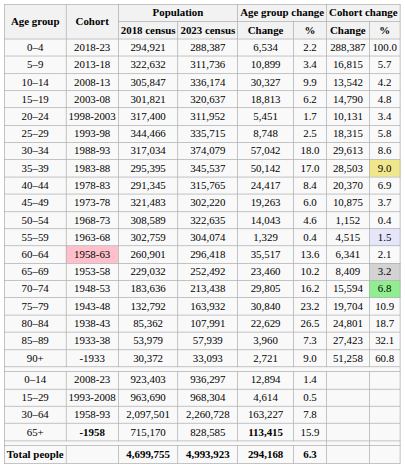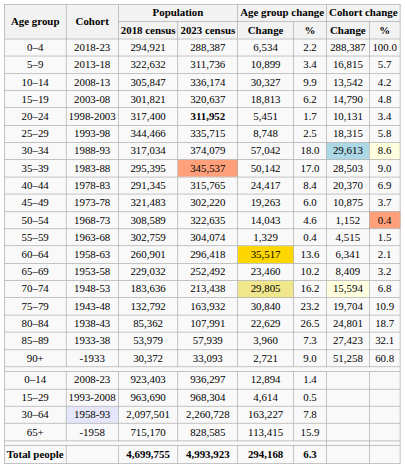 <table class="wikitable sortable" style="text-align:center;">
 <tr>
 <th rowspan="2">Age group</th>
 <th rowspan="2">Cohort</th>
 <th colspan="2">Population</th>
 <th colspan="2">Age group change</th>
 <th colspan="2">Cohort change</th>
 </tr>
 <tr>
 <th>2018 census</th>
 <th>2023 census</th>
 <th>Change</th>
 <th>%</th>
 <th>Change</th>
 <th>%</th>
 </tr>
 <tr>
 <td>0–4</td>
 <td>2018-23</td>
 <td>294,921</td>
 <td>288,387</td>
 <td>6,534</td>
 <td>2.2</td>
 <td>288,387</td>
 <td>100.0</td>
 </tr>
 <tr>
 <td>5–9</td>
 <td>2013-18</td>
 <td>322,632</td>
 <td>311,736</td>
 <td>10,899</td>
 <td>3.4</td>
 <td>16,815</td>
 <td>5.7</td>
 </tr>
 <tr>
 <td>10–14</td>
 <td>2008-13</td>
 <td>305,847</td>
 <td>336,174</td>
 <td>30,327</td>
 <td>9.9</td>
 <td>13,542</td>
 <td>4.2</td>
 </tr>
 <tr>
 <td>15–19</td>
 <td>2003-08</td>
 <td>301,821</td>
 <td>320,637</td>
 <td>18,813</td>
 <td>6.2</td>
 <td>14,790</td>
 <td>4.8</td>
 </tr>
 <tr>
 <td>20–24</td>
 <td>1998-2003</td>
 <td>317,400</td>
-<td>311,952</td>
+<td><strong>311,952</strong></td>
 <td>5,451</td>
 <td>1.7</td>
 <td>10,131</td>
 <td>3.4</td>
 </tr>
 <tr>
 <td>25–29</td>
 <td>1993-98</td>
 <td>344,466</td>
 <td>335,715</td>
 <td>8,748</td>
 <td>2.5</td>
 <td>18,315</td>
 <td>5.8</td>
 </tr>
 <tr>
 <td>30–34</td>
 <td>1988-93</td>
 <td>317,034</td>
 <td>374,079</td>
 <td>57,042</td>
 <td>18.0</td>
-<td>29,613</td>
-<td>8.6</td>
+<td style="background: lightblue;">29,613</td>
+<td style="background: lightyellow;">8.6</td>
 </tr>
 <tr>
 <td>35–39</td>
 <td>1983-88</td>
 <td>295,395</td>
-<td>345,537</td>
+<td style="background: lightsalmon;">345,537</td>
 <td>50,142</td>
 <td>17.0</td>
 <td>28,503</td>
-<td style="background: khaki;">9.0</td>
+<td>9.0</td>
 </tr>
 <tr>
 <td>40–44</td>
 <td>1978-83</td>
 <td>291,345</td>
 <td>315,765</td>
 <td>24,417</td>
 <td>8.4</td>
 <td>20,370</td>
 <td>6.9</td>
 </tr>
 <tr>
 <td>45–49</td>
 <td>1973-78</td>
 <td>321,483</td>
 <td>302,220</td>
 <td>19,263</td>
 <td>6.0</td>
 <td>10,875</td>
 <td>3.7</td>
 </tr>
 <tr>
 <td>50–54</td>
 <td>1968-73</td>
 <td>308,589</td>
 <td>322,635</td>
 <td>14,043</td>
 <td>4.6</td>
 <td>1,152</td>
-<td>0.4</td>
+<td style="background: lightsalmon;">0.4</td>
 </tr>
 <tr>
 <td>55–59</td>
 <td>1963-68</td>
 <td>302,759</td>
 <td>304,074</td>
 <td>1,329</td>
 <td>0.4</td>
 <td>4,515</td>
-<td style="background: lavender;">1.5</td>
+<td>1.5</td>
 </tr>
 <tr>
 <td>60–64</td>
-<td style="background: pink;">1958-63</td>
+<td>1958-63</td>
 <td>260,901</td>
 <td>296,418</td>
-<td>35,517</td>
+<td style="background: gold;">35,517</td>
 <td>13.6</td>
 <td>6,341</td>
 <td>2.1</td>
 </tr>
 <tr>
 <td>65–69</td>
 <td>1953-58</td>
 <td>229,032</td>
 <td>252,492</td>
 <td>23,460</td>
 <td>10.2</td>
 <td>8,409</td>
-<td style="background: lightgrey;">3.2</td>
+<td>3.2</td>
 </tr>
 <tr>
 <td>70–74</td>
 <td>1948-53</td>
 <td>183,636</td>
 <td>213,438</td>
-<td>29,805</td>
+<td style="background: khaki;">29,805</td>
 <td>16.2</td>
-<td>15,594</td>
-<td style="background: lightgreen;">6.8</td>
+<td style="background: lightyellow;">15,594</td>
+<td>6.8</td>
 </tr>
 <tr>
 <td>75–79</td>
 <td>1943-48</td>
 <td>132,792</td>
 <td>163,932</td>
 <td>30,840</td>
 <td>23.2</td>
 <td>19,704</td>
 <td>10.9</td>
 </tr>
 <tr>
 <td>80–84</td>
 <td>1938-43</td>
 <td>85,362</td>
 <td>107,991</td>
 <td>22,629</td>
 <td>26.5</td>
 <td>24,801</td>
 <td>18.7</td>
 </tr>
 <tr>
 <td>85–89</td>
 <td>1933-38</td>
 <td>53,979</td>
 <td>57,939</td>
 <td>3,960</td>
 <td>7.3</td>
 <td>27,423</td>
 <td>32.1</td>
 </tr>
 <tr>
 <td>90+</td>
 <td>-1933</td>
 <td>30,372</td>
 <td>33,093</td>
 <td>2,721</td>
 <td>9.0</td>
 <td>51,258</td>
 <td>60.8</td>
 </tr>
 <tr>
 <td colspan="8"></td>
 </tr>
 <tr>
 <td>0–14</td>
 <td>2008-23</td>
 <td>923,403</td>
 <td>936,297</td>
 <td>12,894</td>
 <td>1.4</td>
 <td></td>
 <td></td>
 </tr>
 <tr>
 <td>15–29</td>
 <td>1993-2008</td>
 <td>963,690</td>
 <td>968,304</td>
 <td>4,614</td>
 <td>0.5</td>
 <td></td>
 <td></td>
 </tr>
 <tr>
 <td>30–64</td>
-<td>1958-93</td>
+<td style="background: lavender;">1958-93</td>
 <td>2,097,501</td>
 <td>2,260,728</td>
 <td>163,227</td>
 <td>7.8</td>
 <td></td>
 <td></td>
 </tr>
 <tr>
 <td>65+</td>
-<td><strong>-1958</strong></td>
+<td>-1958</td>
 <td>715,170</td>
 <td>828,585</td>
-<td><strong>113,415</strong></td>
+<td>113,415</td>
 <td>15.9</td>
 <td></td>
 <td></td>
 </tr>
 <tr>
 <td colspan="6"></td>
 <td></td>
 <td></td>
 </tr>
 <tr>
 <td><strong>Total people</strong></td>
 <td></td>
 <td><strong>4,699,755</strong></td>
 <td><strong>4,993,923</strong></td>
 <td><strong>294,168</strong></td>
 <td><strong>6.3</strong></td>
 <td></td>
 <td></td>
 </tr>
 </table>
